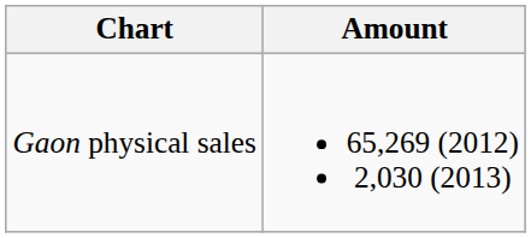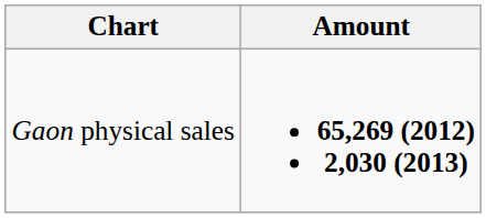 <table class="wikitable">
 <tr>
 <th>Chart</th>
 <th>Amount</th>
 </tr>
 <tr>
 <td><em>Gaon</em> physical sales</td>
-<td align="center"><br><ul><li>65,269 (2012)</li><li>2,030 (2013)</li></ul></td>
+<td align="center"><strong><br><ul><li>65,269 (2012)</li><li>2,030 (2013)</li></ul></strong></td>
 </tr>
 </table>
